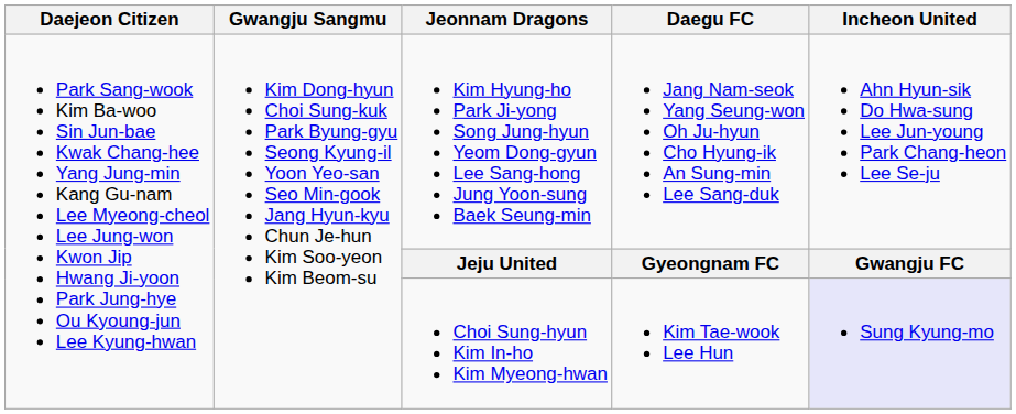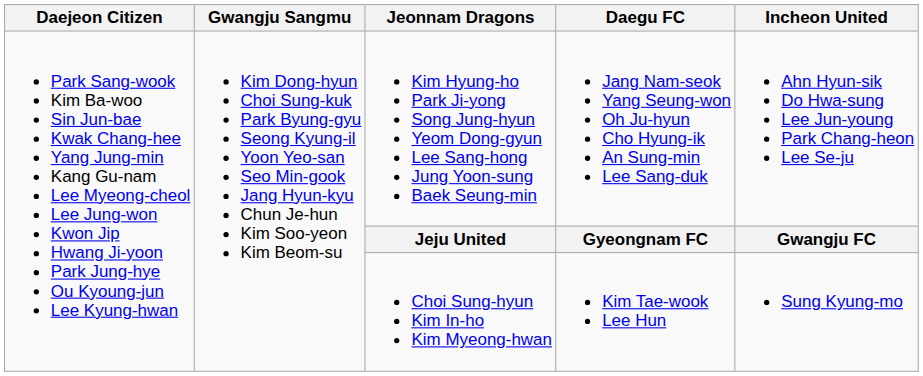 <table class="wikitable">
 <tr>
 <th>Daejeon Citizen</th>
 <th>Gwangju Sangmu</th>
 <th>Jeonnam Dragons</th>
 <th>Daegu FC</th>
 <th>Incheon United</th>
 </tr>
 <tr>
 <td valign="top" rowspan="3"><br><ul><li><a href='#'>Park Sang-wook</a></li><li>Kim Ba-woo</li><li><a href='#'>Sin Jun-bae</a></li><li><a href='#'>Kwak Chang-hee</a></li><li><a href='#'>Yang Jung-min</a></li><li>Kang Gu-nam</li><li><a href='#'>Lee Myeong-cheol</a></li><li><a href='#'>Lee Jung-won</a></li><li><a href='#'>Kwon Jip</a></li><li><a href='#'>Hwang Ji-yoon</a></li><li><a href='#'>Park Jung-hye</a></li><li><a href='#'>Ou Kyoung-jun</a></li><li><a href='#'>Lee Kyung-hwan</a></li></ul></td>
 <td valign="top" rowspan="3"><br><ul><li><a href='#'>Kim Dong-hyun</a></li><li><a href='#'>Choi Sung-kuk</a></li><li><a href='#'>Park Byung-gyu</a></li><li><a href='#'>Seong Kyung-il</a></li><li><a href='#'>Yoon Yeo-san</a></li><li><a href='#'>Seo Min-gook</a></li><li><a href='#'>Jang Hyun-kyu</a></li><li>Chun Je-hun</li><li>Kim Soo-yeon</li><li>Kim Beom-su</li></ul></td>
 <td valign="top" rowspan="1"><br><ul><li><a href='#'>Kim Hyung-ho</a></li><li><a href='#'>Park Ji-yong</a></li><li><a href='#'>Song Jung-hyun</a></li><li><a href='#'>Yeom Dong-gyun</a></li><li><a href='#'>Lee Sang-hong</a></li><li><a href='#'>Jung Yoon-sung</a></li><li><a href='#'>Baek Seung-min</a></li></ul></td>
 <td valign="top" rowspan="1"><br><ul><li><a href='#'>Jang Nam-seok</a></li><li><a href='#'>Yang Seung-won</a></li><li><a href='#'>Oh Ju-hyun</a></li><li><a href='#'>Cho Hyung-ik</a></li><li><a href='#'>An Sung-min</a></li><li><a href='#'>Lee Sang-duk</a></li></ul></td>
 <td valign="top" rowspan="1"><br><ul><li><a href='#'>Ahn Hyun-sik</a></li><li><a href='#'>Do Hwa-sung</a></li><li><a href='#'>Lee Jun-young</a></li><li><a href='#'>Park Chang-heon</a></li><li><a href='#'>Lee Se-ju</a></li></ul></td>
 </tr>
 <tr>
 <th>Jeju United</th>
 <th>Gyeongnam FC</th>
 <th>Gwangju FC</th>
 </tr>
 <tr>
 <td valign="top" rowspan="1"><br><ul><li><a href='#'>Choi Sung-hyun</a></li><li><a href='#'>Kim In-ho</a></li><li><a href='#'>Kim Myeong-hwan</a></li></ul></td>
 <td valign="top" rowspan="1"><br><ul><li><a href='#'>Kim Tae-wook</a></li><li><a href='#'>Lee Hun</a></li></ul></td>
-<td valign="top" rowspan="1" style="background: lavender;"><br><ul><li><a href='#'>Sung Kyung-mo</a></li></ul></td>
+<td valign="top" rowspan="1"><br><ul><li><a href='#'>Sung Kyung-mo</a></li></ul></td>
 </tr>
 </table>
